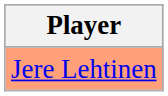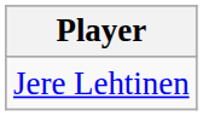 <table class="wikitable">
 <tr>
 <th>Player</th>
 </tr>
 <tr>
-<td style="background: lightsalmon;"><a href='#'>Jere Lehtinen</a></td>
+<td><a href='#'>Jere Lehtinen</a></td>
 </tr>
 </table>
